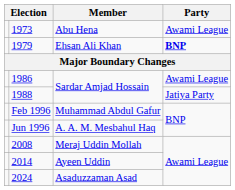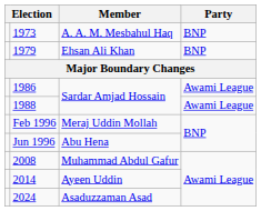 <table class="wikitable">
 <tr>
 <th colspan="2">Election</th>
 <th>Member</th>
 <th>Party</th>
 </tr>
 <tr>
 <td style="background-color:"></td>
 <td><a href='#'>1973</a></td>
-<td><a href='#'>Abu Hena</a></td>
-<td><a href='#'>Awami League</a></td>
+<td><a href='#'>A. A. M. Mesbahul Haq</a></td>
+<td><a href='#'>BNP</a></td>
 </tr>
 <tr>
 <td style="background-color:"></td>
 <td><a href='#'>1979</a></td>
 <td><a href='#'>Ehsan Ali Khan</a></td>
-<td><strong><a href='#'>BNP</a></strong></td>
+<td><a href='#'>BNP</a></td>
 </tr>
 <tr>
 <th colspan="4">Major Boundary Changes</th>
 </tr>
 <tr>
 <td style="background-color:"></td>
 <td><a href='#'>1986</a></td>
 <td rowspan="2"><a href='#'>Sardar Amjad Hossain</a></td>
 <td><a href='#'>Awami League</a></td>
 </tr>
 <tr>
 <td style="background-color:"></td>
 <td><a href='#'>1988</a></td>
-<td><a href='#'>Jatiya Party</a></td>
+<td><a href='#'>Awami League</a></td>
 </tr>
 <tr>
 <td style="background-color:"></td>
 <td><a href='#'>Feb 1996</a></td>
-<td><a href='#'>Muhammad Abdul Gafur</a></td>
+<td><a href='#'>Meraj Uddin Mollah</a></td>
 <td rowspan="2"><a href='#'>BNP</a></td>
 </tr>
 <tr>
 <td style="background-color:"></td>
 <td><a href='#'>Jun 1996</a></td>
-<td><a href='#'>A. A. M. Mesbahul Haq</a></td>
+<td><a href='#'>Abu Hena</a></td>
 </tr>
 <tr>
 <td style="background-color:"></td>
 <td><a href='#'>2008</a></td>
-<td><a href='#'>Meraj Uddin Mollah</a></td>
+<td><a href='#'>Muhammad Abdul Gafur</a></td>
 <td rowspan="3"><a href='#'>Awami League</a></td>
 </tr>
 <tr>
 <td style="background-color:"></td>
 <td><a href='#'>2014</a></td>
 <td><a href='#'>Ayeen Uddin</a></td>
 </tr>
 <tr>
 <td style="background-color:"></td>
 <td><a href='#'>2024</a></td>
 <td><a href='#'>Asaduzzaman Asad</a></td>
 </tr>
 </table>
